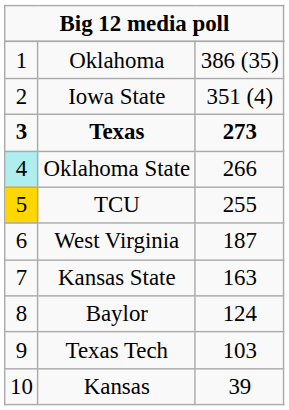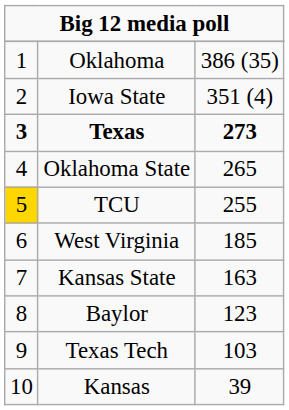 <table class="wikitable" style="display: inline-table;">
 <tr>
 <td align="center" Colspan="3"><strong>Big 12 media poll</strong></td>
 </tr>
 <tr align="center">
 </tr>
 <tr align="center">
 <td>1</td>
 <td>Oklahoma</td>
 <td>386 (35)</td>
 </tr>
 <tr align="center">
 <td>2</td>
 <td>Iowa State</td>
 <td>351 (4)</td>
 </tr>
 <tr align="center">
 <td><strong>3</strong></td>
 <td><strong>Texas</strong></td>
 <td><strong>273</strong></td>
 </tr>
 <tr align="center">
-<td style="background: paleturquoise;">4</td>
+<td>4</td>
 <td>Oklahoma State</td>
-<td>266</td>
+<td>265</td>
 </tr>
 <tr align="center">
 <td style="background: gold;">5</td>
 <td>TCU</td>
 <td>255</td>
 </tr>
 <tr align="center">
 <td>6</td>
 <td>West Virginia</td>
-<td>187</td>
+<td>185</td>
 </tr>
 <tr align="center">
 <td>7</td>
 <td>Kansas State</td>
 <td>163</td>
 </tr>
 <tr align="center">
 <td>8</td>
 <td>Baylor</td>
-<td>124</td>
+<td>123</td>
 </tr>
 <tr align="center">
 <td>9</td>
 <td>Texas Tech</td>
 <td>103</td>
 </tr>
 <tr align="center">
 <td>10</td>
 <td>Kansas</td>
 <td>39</td>
 </tr>
 </table>
